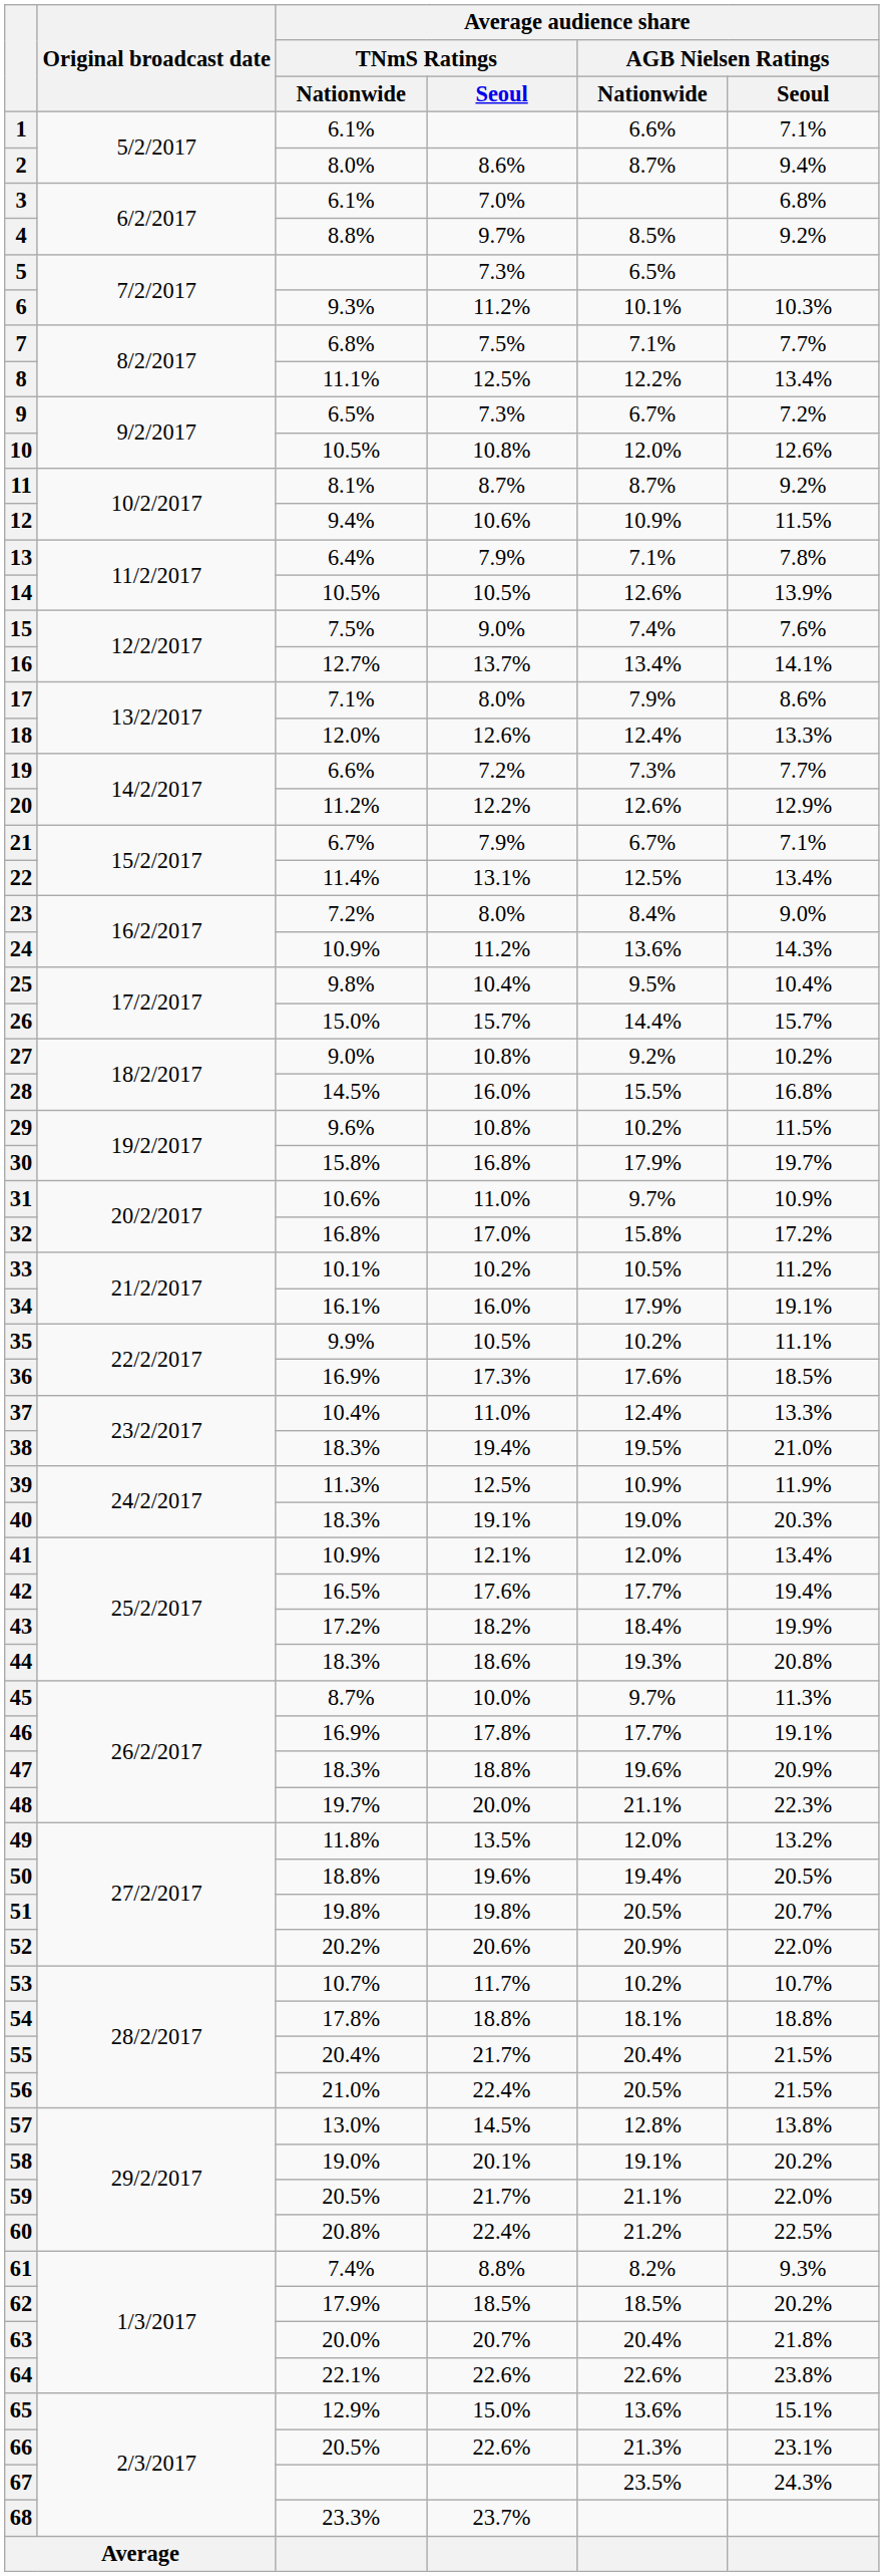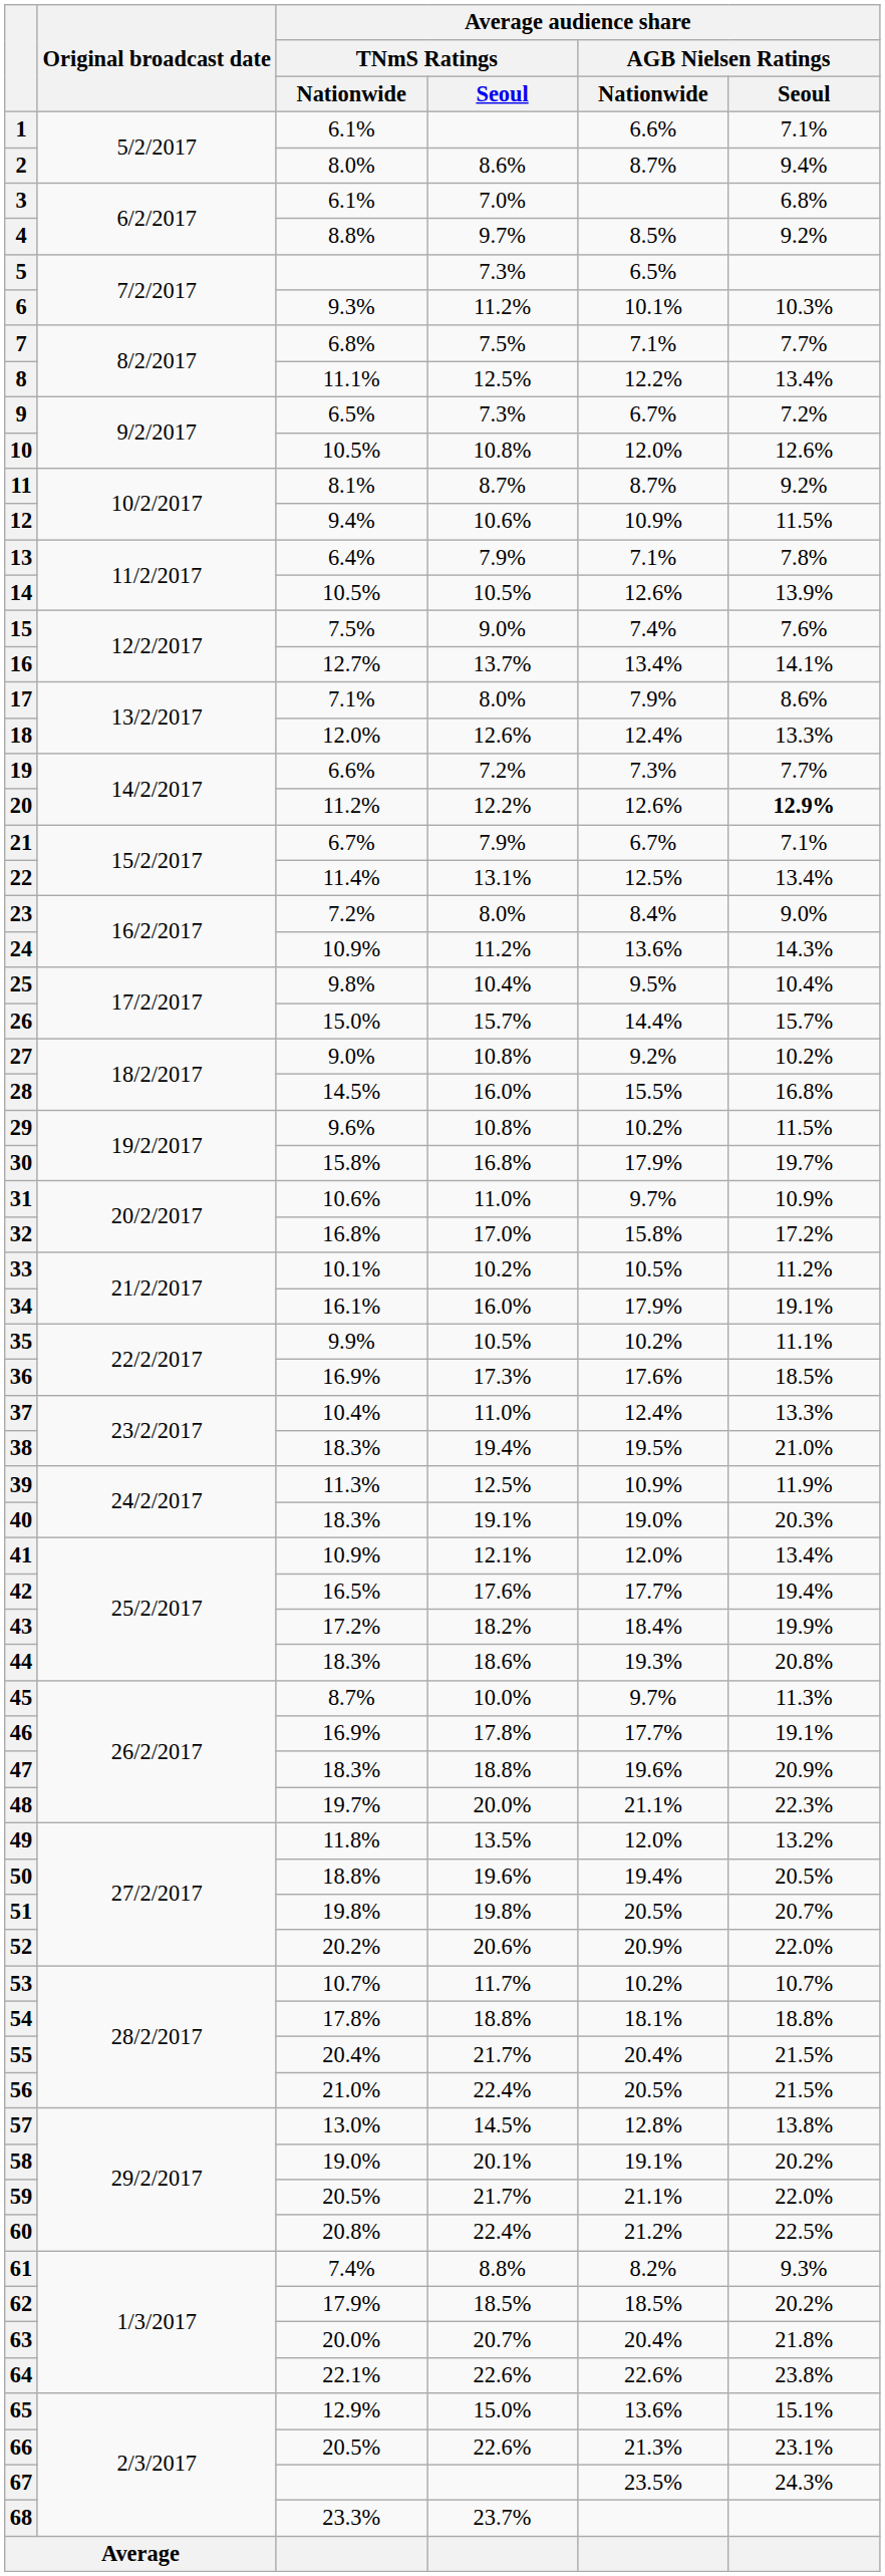 <table class=wikitable style="text-align:center;">
 <tr>
 <th rowspan="3"></th>
 <th rowspan="3">Original broadcast date</th>
 <th colspan="4">Average audience share</th>
 </tr>
 <tr>
 <th colspan="2">TNmS Ratings</th>
 <th colspan="2">AGB Nielsen Ratings</th>
 </tr>
 <tr>
 <th width=100>Nationwide</th>
 <th width=100><a href='#'>Seoul</a></th>
 <th width=100>Nationwide</th>
 <th width=100>Seoul</th>
 </tr>
 <tr>
 <th>1</th>
 <td rowspan=2>5/2/2017</td>
 <td>6.1% </td>
 <td> </td>
 <td>6.6% </td>
 <td>7.1% </td>
 </tr>
 <tr>
 <th>2</th>
 <td>8.0% </td>
 <td>8.6% </td>
 <td>8.7% </td>
 <td>9.4% </td>
 </tr>
 <tr>
 <th>3</th>
 <td rowspan=2>6/2/2017</td>
 <td>6.1% </td>
 <td>7.0% </td>
 <td> </td>
 <td>6.8% </td>
 </tr>
 <tr>
 <th>4</th>
 <td>8.8% </td>
 <td>9.7% </td>
 <td>8.5% </td>
 <td>9.2% </td>
 </tr>
 <tr>
 <th>5</th>
 <td rowspan="2">7/2/2017</td>
 <td> </td>
 <td>7.3% </td>
 <td>6.5% </td>
 <td> </td>
 </tr>
 <tr>
 <th>6</th>
 <td>9.3% </td>
 <td>11.2% </td>
 <td>10.1% </td>
 <td>10.3% </td>
 </tr>
 <tr>
 <th>7</th>
 <td rowspan="2">8/2/2017</td>
 <td>6.8% </td>
 <td>7.5% </td>
 <td>7.1% </td>
 <td>7.7% </td>
 </tr>
 <tr>
 <th>8</th>
 <td>11.1% </td>
 <td>12.5% </td>
 <td>12.2% </td>
 <td>13.4% </td>
 </tr>
 <tr>
 <th>9</th>
 <td rowspan="2">9/2/2017</td>
 <td>6.5% </td>
 <td>7.3% </td>
 <td>6.7% </td>
 <td>7.2% </td>
 </tr>
 <tr>
 <th>10</th>
 <td>10.5% </td>
 <td>10.8% </td>
 <td>12.0% </td>
 <td>12.6% </td>
 </tr>
 <tr>
 <th>11</th>
 <td rowspan="2">10/2/2017</td>
 <td>8.1% </td>
 <td>8.7% </td>
 <td>8.7% </td>
 <td>9.2% </td>
 </tr>
 <tr>
 <th>12</th>
 <td>9.4% </td>
 <td>10.6% </td>
 <td>10.9% </td>
 <td>11.5% </td>
 </tr>
 <tr>
 <th>13</th>
 <td rowspan="2">11/2/2017</td>
 <td>6.4% </td>
 <td>7.9% </td>
 <td>7.1% </td>
 <td>7.8% </td>
 </tr>
 <tr>
 <th>14</th>
 <td>10.5% </td>
 <td>10.5% </td>
 <td>12.6% </td>
 <td>13.9% </td>
 </tr>
 <tr>
 <th>15</th>
 <td rowspan="2">12/2/2017</td>
 <td>7.5% </td>
 <td>9.0% </td>
 <td>7.4% </td>
 <td>7.6% </td>
 </tr>
 <tr>
 <th>16</th>
 <td>12.7% </td>
 <td>13.7% </td>
 <td>13.4% </td>
 <td>14.1% </td>
 </tr>
 <tr>
 <th>17</th>
 <td rowspan="2">13/2/2017</td>
 <td>7.1% </td>
 <td>8.0% </td>
 <td>7.9% </td>
 <td>8.6% </td>
 </tr>
 <tr>
 <th>18</th>
 <td>12.0% </td>
 <td>12.6% </td>
 <td>12.4% </td>
 <td>13.3% </td>
 </tr>
 <tr>
 <th>19</th>
 <td rowspan="2">14/2/2017</td>
 <td>6.6% </td>
 <td>7.2% </td>
 <td>7.3% </td>
 <td>7.7% </td>
 </tr>
 <tr>
 <th>20</th>
 <td>11.2% </td>
 <td>12.2% </td>
 <td>12.6% </td>
-<td>12.9% </td>
+<td><strong>12.9% </strong></td>
 </tr>
 <tr>
 <th>21</th>
 <td rowspan="2">15/2/2017</td>
 <td>6.7% </td>
 <td>7.9% </td>
 <td>6.7% </td>
 <td>7.1% </td>
 </tr>
 <tr>
 <th>22</th>
 <td>11.4% </td>
 <td>13.1% </td>
 <td>12.5% </td>
 <td>13.4% </td>
 </tr>
 <tr>
 <th>23</th>
 <td rowspan="2">16/2/2017</td>
 <td>7.2% </td>
 <td>8.0% </td>
 <td>8.4% </td>
 <td>9.0% </td>
 </tr>
 <tr>
 <th>24</th>
 <td>10.9% </td>
 <td>11.2% </td>
 <td>13.6% </td>
 <td>14.3% </td>
 </tr>
 <tr>
 <th>25</th>
 <td rowspan="2">17/2/2017</td>
 <td>9.8% </td>
 <td>10.4% </td>
 <td>9.5% </td>
 <td>10.4% </td>
 </tr>
 <tr>
 <th>26</th>
 <td>15.0% </td>
 <td>15.7% </td>
 <td>14.4% </td>
 <td>15.7% </td>
 </tr>
 <tr>
 <th>27</th>
 <td rowspan="2">18/2/2017</td>
 <td>9.0% </td>
 <td>10.8% </td>
 <td>9.2% </td>
 <td>10.2% </td>
 </tr>
 <tr>
 <th>28</th>
 <td>14.5% </td>
 <td>16.0% </td>
 <td>15.5% </td>
 <td>16.8% </td>
 </tr>
 <tr>
 <th>29</th>
 <td rowspan="2">19/2/2017</td>
 <td>9.6% </td>
 <td>10.8% </td>
 <td>10.2% </td>
 <td>11.5% </td>
 </tr>
 <tr>
 <th>30</th>
 <td>15.8% </td>
 <td>16.8% </td>
 <td>17.9% </td>
 <td>19.7% </td>
 </tr>
 <tr>
 <th>31</th>
 <td rowspan="2">20/2/2017</td>
 <td>10.6% </td>
 <td>11.0% </td>
 <td>9.7% </td>
 <td>10.9% </td>
 </tr>
 <tr>
 <th>32</th>
 <td>16.8% </td>
 <td>17.0% </td>
 <td>15.8% </td>
 <td>17.2% </td>
 </tr>
 <tr>
 <th>33</th>
 <td rowspan="2">21/2/2017</td>
 <td>10.1% </td>
 <td>10.2% </td>
 <td>10.5% </td>
 <td>11.2% </td>
 </tr>
 <tr>
 <th>34</th>
 <td>16.1% </td>
 <td>16.0% </td>
 <td>17.9% </td>
 <td>19.1% </td>
 </tr>
 <tr>
 <th>35</th>
 <td rowspan="2">22/2/2017</td>
 <td>9.9% </td>
 <td>10.5% </td>
 <td>10.2% </td>
 <td>11.1% </td>
 </tr>
 <tr>
 <th>36</th>
 <td>16.9% </td>
 <td>17.3% </td>
 <td>17.6% </td>
 <td>18.5% </td>
 </tr>
 <tr>
 <th>37</th>
 <td rowspan="2">23/2/2017</td>
 <td>10.4% </td>
 <td>11.0% </td>
 <td>12.4% </td>
 <td>13.3% </td>
 </tr>
 <tr>
 <th>38</th>
 <td>18.3% </td>
 <td>19.4% </td>
 <td>19.5% </td>
 <td>21.0% </td>
 </tr>
 <tr>
 <th>39</th>
 <td rowspan="2">24/2/2017</td>
 <td>11.3% </td>
 <td>12.5% </td>
 <td>10.9% </td>
 <td>11.9% </td>
 </tr>
 <tr>
 <th>40</th>
 <td>18.3% </td>
 <td>19.1% </td>
 <td>19.0% </td>
 <td>20.3% </td>
 </tr>
 <tr>
 <th>41</th>
 <td rowspan="4">25/2/2017</td>
 <td>10.9% </td>
 <td>12.1% </td>
 <td>12.0% </td>
 <td>13.4% </td>
 </tr>
 <tr>
 <th>42</th>
 <td>16.5% </td>
 <td>17.6% </td>
 <td>17.7% </td>
 <td>19.4% </td>
 </tr>
 <tr>
 <th>43</th>
 <td>17.2% </td>
 <td>18.2% </td>
 <td>18.4% </td>
 <td>19.9% </td>
 </tr>
 <tr>
 <th>44</th>
 <td>18.3% </td>
 <td>18.6% </td>
 <td>19.3% </td>
 <td>20.8% </td>
 </tr>
 <tr>
 <th>45</th>
 <td rowspan="4">26/2/2017</td>
 <td>8.7% </td>
 <td>10.0% </td>
 <td>9.7% </td>
 <td>11.3% </td>
 </tr>
 <tr>
 <th>46</th>
 <td>16.9% </td>
 <td>17.8% </td>
 <td>17.7% </td>
 <td>19.1% </td>
 </tr>
 <tr>
 <th>47</th>
 <td>18.3% </td>
 <td>18.8% </td>
 <td>19.6% </td>
 <td>20.9% </td>
 </tr>
 <tr>
 <th>48</th>
 <td>19.7% </td>
 <td>20.0% </td>
 <td>21.1% </td>
 <td>22.3% </td>
 </tr>
 <tr>
 <th>49</th>
 <td rowspan="4">27/2/2017</td>
 <td>11.8% </td>
 <td>13.5% </td>
 <td>12.0% </td>
 <td>13.2% </td>
 </tr>
 <tr>
 <th>50</th>
 <td>18.8% </td>
 <td>19.6% </td>
 <td>19.4% </td>
 <td>20.5% </td>
 </tr>
 <tr>
 <th>51</th>
 <td>19.8% </td>
 <td>19.8% </td>
 <td>20.5% </td>
 <td>20.7% </td>
 </tr>
 <tr>
 <th>52</th>
 <td>20.2% </td>
 <td>20.6% </td>
 <td>20.9% </td>
 <td>22.0% </td>
 </tr>
 <tr>
 <th>53</th>
 <td rowspan="4">28/2/2017</td>
 <td>10.7% </td>
 <td>11.7% </td>
 <td>10.2% </td>
 <td>10.7% </td>
 </tr>
 <tr>
 <th>54</th>
 <td>17.8% </td>
 <td>18.8% </td>
 <td>18.1% </td>
 <td>18.8% </td>
 </tr>
 <tr>
 <th>55</th>
 <td>20.4% </td>
 <td>21.7% </td>
 <td>20.4% </td>
 <td>21.5% </td>
 </tr>
 <tr>
 <th>56</th>
 <td>21.0% </td>
 <td>22.4% </td>
 <td>20.5% </td>
 <td>21.5% </td>
 </tr>
 <tr>
 <th>57</th>
 <td rowspan="4">29/2/2017</td>
 <td>13.0% </td>
 <td>14.5% </td>
 <td>12.8% </td>
 <td>13.8% </td>
 </tr>
 <tr>
 <th>58</th>
 <td>19.0% </td>
 <td>20.1% </td>
 <td>19.1% </td>
 <td>20.2% </td>
 </tr>
 <tr>
 <th>59</th>
 <td>20.5% </td>
 <td>21.7% </td>
 <td>21.1% </td>
 <td>22.0% </td>
 </tr>
 <tr>
 <th>60</th>
 <td>20.8% </td>
 <td>22.4% </td>
 <td>21.2% </td>
 <td>22.5% </td>
 </tr>
 <tr>
 <th>61</th>
 <td rowspan="4">1/3/2017 </td>
 <td>7.4% </td>
 <td>8.8% </td>
 <td>8.2% </td>
 <td>9.3% </td>
 </tr>
 <tr>
 <th>62</th>
 <td>17.9% </td>
 <td>18.5% </td>
 <td>18.5% </td>
 <td>20.2% </td>
 </tr>
 <tr>
 <th>63</th>
 <td>20.0% </td>
 <td>20.7% </td>
 <td>20.4% </td>
 <td>21.8% </td>
 </tr>
 <tr>
 <th>64</th>
 <td>22.1% </td>
 <td>22.6% </td>
 <td>22.6% </td>
 <td>23.8% </td>
 </tr>
 <tr>
 <th>65</th>
 <td rowspan="4">2/3/2017</td>
 <td>12.9% </td>
 <td>15.0% </td>
 <td>13.6% </td>
 <td>15.1% </td>
 </tr>
 <tr>
 <th>66</th>
 <td>20.5% </td>
 <td>22.6% </td>
 <td>21.3% </td>
 <td>23.1% </td>
 </tr>
 <tr>
 <th>67</th>
 <td> </td>
 <td> </td>
 <td>23.5% </td>
 <td>24.3% </td>
 </tr>
 <tr>
 <th>68</th>
 <td>23.3% </td>
 <td>23.7% </td>
 <td> </td>
 <td> </td>
 </tr>
 <tr>
 <th colspan=2>Average</th>
 <th></th>
 <th></th>
 <th></th>
 <th></th>
 </tr>
 </table>
